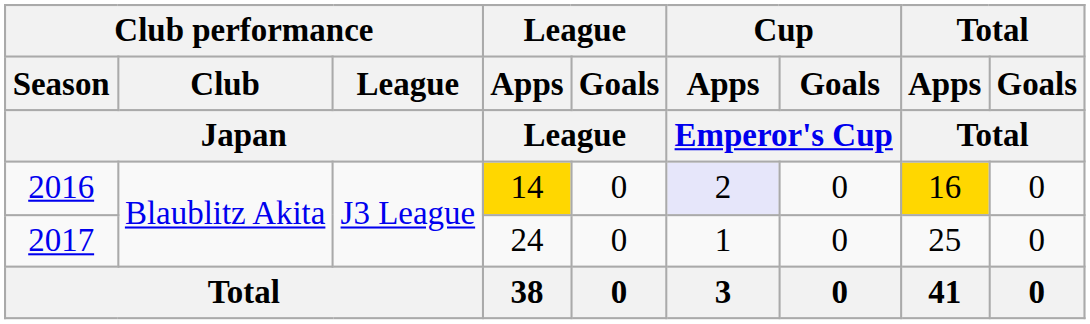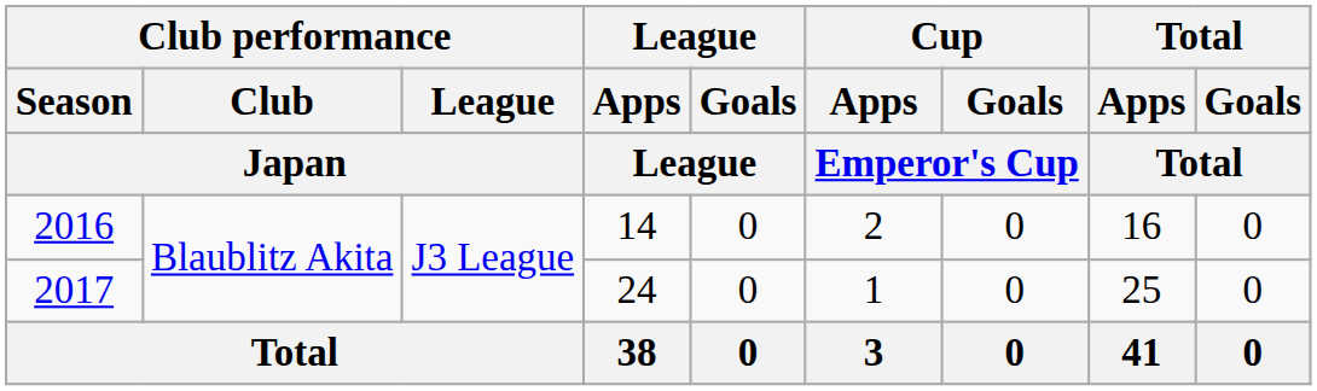 <table class="wikitable" style="text-align:center;">
 <tr>
 <th colspan=3>Club performance</th>
 <th colspan=2>League</th>
 <th colspan=2>Cup</th>
 <th colspan=2>Total</th>
 </tr>
 <tr>
 <th>Season</th>
 <th>Club</th>
 <th>League</th>
 <th>Apps</th>
 <th>Goals</th>
 <th>Apps</th>
 <th>Goals</th>
 <th>Apps</th>
 <th>Goals</th>
 </tr>
 <tr>
 <th colspan=3>Japan</th>
 <th colspan=2>League</th>
 <th colspan=2><a href='#'>Emperor's Cup</a></th>
 <th colspan=2>Total</th>
 </tr>
 <tr>
 <td><a href='#'>2016</a></td>
 <td rowspan="2"><a href='#'>Blaublitz Akita</a></td>
 <td rowspan="2"><a href='#'>J3 League</a></td>
-<td style="background: gold;">14</td>
+<td>14</td>
 <td>0</td>
-<td style="background: lavender;">2</td>
+<td>2</td>
 <td>0</td>
-<td style="background: gold;">16</td>
+<td>16</td>
 <td>0</td>
 </tr>
 <tr>
 <td><a href='#'>2017</a></td>
 <td>24</td>
 <td>0</td>
 <td>1</td>
 <td>0</td>
 <td>25</td>
 <td>0</td>
 </tr>
 <tr>
 <th colspan=3>Total</th>
 <th>38</th>
 <th>0</th>
 <th>3</th>
 <th>0</th>
 <th>41</th>
 <th>0</th>
 </tr>
 </table>
